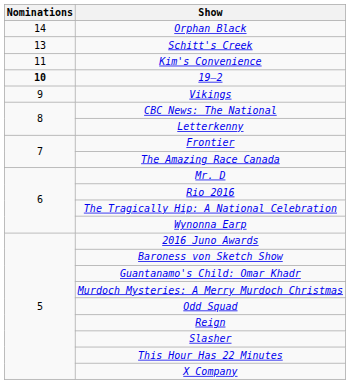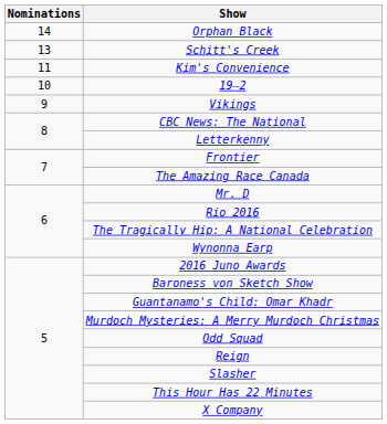 <table class="wikitable" rowspan="2" style="text-align:center">
 <tr>
 <th scope="col">Nominations</th>
 <th scope="col">Show</th>
 </tr>
 <tr>
 <td>14</td>
 <td><em><a href='#'>Orphan Black</a></em></td>
 </tr>
 <tr>
 <td>13</td>
 <td><em><a href='#'>Schitt's Creek</a></em></td>
 </tr>
 <tr>
 <td>11</td>
 <td><em><a href='#'>Kim's Convenience</a></em></td>
 </tr>
 <tr>
-<td><strong>10</strong></td>
+<td>10</td>
 <td><em><a href='#'>19–2</a></em></td>
 </tr>
 <tr>
 <td>9</td>
 <td><em><a href='#'>Vikings</a></em></td>
 </tr>
 <tr>
 <td rowspan=2 style="text-align:center;">8</td>
 <td><em><a href='#'>CBC News: The National</a></em></td>
 </tr>
 <tr>
 <td><em><a href='#'>Letterkenny</a></em></td>
 </tr>
 <tr>
 <td rowspan=2 style="text-align:center;">7</td>
 <td><em><a href='#'>Frontier</a></em></td>
 </tr>
 <tr>
 <td><em><a href='#'>The Amazing Race Canada</a></em></td>
 </tr>
 <tr>
 <td rowspan=4 style="text-align:center;">6</td>
 <td><em><a href='#'>Mr. D</a></em></td>
 </tr>
 <tr>
 <td><em><a href='#'>Rio 2016</a></em></td>
 </tr>
 <tr>
 <td><em><a href='#'>The Tragically Hip: A National Celebration</a></em></td>
 </tr>
 <tr>
 <td><em><a href='#'>Wynonna Earp</a></em></td>
 </tr>
 <tr>
 <td rowspan=9 style="text-align:center;">5</td>
 <td><em><a href='#'>2016 Juno Awards</a></em></td>
 </tr>
 <tr>
 <td><em><a href='#'>Baroness von Sketch Show</a></em></td>
 </tr>
 <tr>
 <td><em><a href='#'>Guantanamo's Child: Omar Khadr</a></em></td>
 </tr>
 <tr>
 <td><em><a href='#'>Murdoch Mysteries: A Merry Murdoch Christmas</a></em></td>
 </tr>
 <tr>
 <td><em><a href='#'>Odd Squad</a></em></td>
 </tr>
 <tr>
 <td><em><a href='#'>Reign</a></em></td>
 </tr>
 <tr>
 <td><em><a href='#'>Slasher</a></em></td>
 </tr>
 <tr>
 <td><em><a href='#'>This Hour Has 22 Minutes</a></em></td>
 </tr>
 <tr>
 <td><em><a href='#'>X Company</a></em></td>
 </tr>
 </table>
